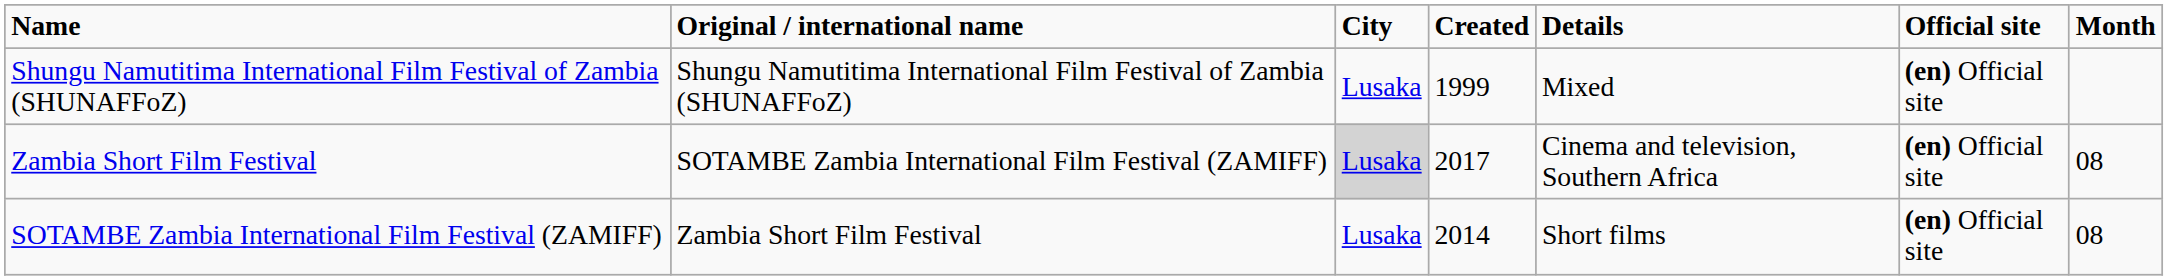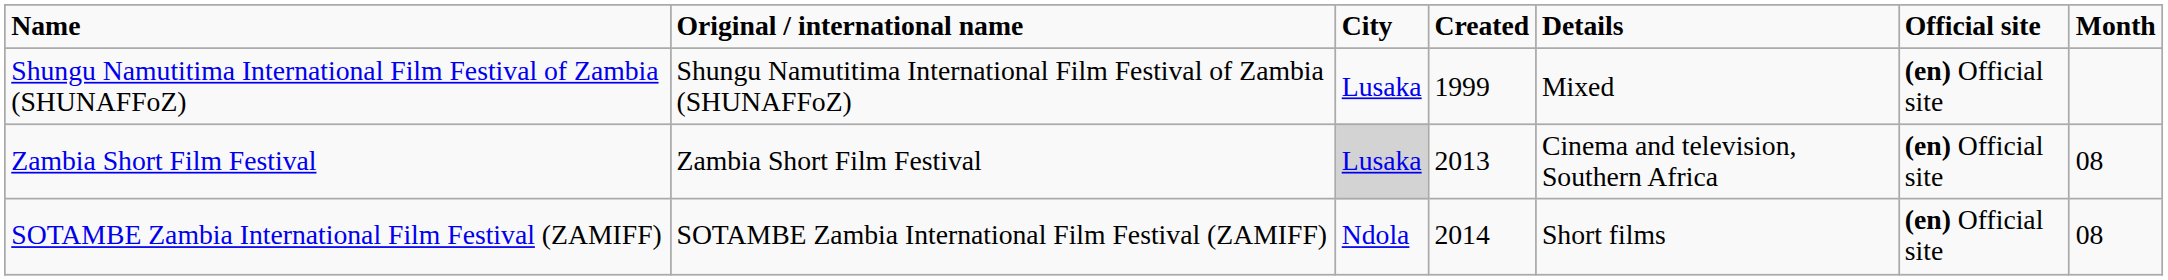 <table class="wikitable">
 <tr>
 <td><strong>Name</strong></td>
 <td><strong>Original / international name</strong></td>
 <td><strong>City</strong></td>
 <td><strong>Created</strong></td>
 <td><strong>Details</strong></td>
 <td><strong>Official site</strong></td>
 <td><strong>Month</strong></td>
 </tr>
 <tr>
 <td><a href='#'>Shungu Namutitima International Film Festival of Zambia</a> (SHUNAFFoZ)</td>
 <td>Shungu Namutitima International Film Festival of Zambia (SHUNAFFoZ)</td>
 <td><a href='#'>Lusaka</a></td>
 <td>1999</td>
 <td>Mixed</td>
 <td><strong>(en)</strong> Official site</td>
 <td></td>
 </tr>
 <tr>
 <td><a href='#'>Zambia Short Film Festival</a></td>
-<td>SOTAMBE Zambia International Film Festival (ZAMIFF)</td>
+<td>Zambia Short Film Festival</td>
 <td style="background: lightgrey;"><a href='#'>Lusaka</a></td>
-<td>2017</td>
+<td>2013</td>
 <td>Cinema and television, Southern Africa</td>
 <td><strong>(en)</strong> Official site</td>
 <td>08</td>
 </tr>
 <tr>
 <td><a href='#'>SOTAMBE Zambia International Film Festival</a> (ZAMIFF)</td>
-<td>Zambia Short Film Festival</td>
-<td><a href='#'>Lusaka</a></td>
+<td>SOTAMBE Zambia International Film Festival (ZAMIFF)</td>
+<td><a href='#'>Ndola</a></td>
 <td>2014</td>
 <td>Short films</td>
 <td><strong>(en)</strong> Official site</td>
 <td>08</td>
 </tr>
 </table>
